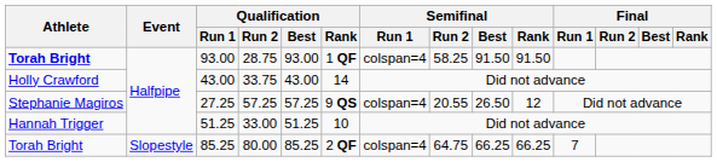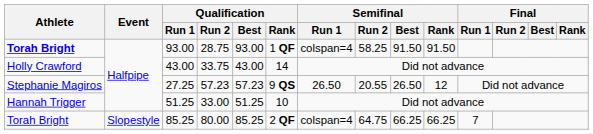 <table class="wikitable" style="font-size:90%">
 <tr>
 <th rowspan="2">Athlete</th>
 <th rowspan="2">Event</th>
 <th colspan="4">Qualification</th>
 <th colspan="4">Semifinal</th>
 <th colspan="4">Final</th>
 </tr>
 <tr style="font-size:95%">
 <th>Run 1</th>
 <th>Run 2</th>
 <th>Best</th>
 <th>Rank</th>
 <th>Run 1</th>
 <th>Run 2</th>
 <th>Best</th>
 <th>Rank</th>
 <th>Run 1</th>
 <th>Run 2</th>
 <th>Best</th>
 <th>Rank</th>
 </tr>
 <tr align=center>
 <td align=left><strong><a href='#'>Torah Bright</a></strong></td>
 <td align=left rowspan=4><a href='#'>Halfpipe</a></td>
 <td>93.00</td>
 <td>28.75</td>
 <td>93.00</td>
 <td>1 <strong>QF</strong></td>
 <td>colspan=4 </td>
 <td>58.25</td>
 <td>91.50</td>
 <td>91.50</td>
 <td></td>
 </tr>
 <tr align=center>
 <td align=left><a href='#'>Holly Crawford</a></td>
 <td>43.00</td>
 <td>33.75</td>
 <td>43.00</td>
 <td>14</td>
 <td colspan=8>Did not advance</td>
 </tr>
 <tr align=center>
 <td align=left><a href='#'>Stephanie Magiros</a></td>
 <td>27.25</td>
-<td>57.25</td>
-<td>57.25</td>
+<td>57.23</td>
+<td>57.23</td>
 <td>9 <strong>QS</strong></td>
-<td>colspan=4 </td>
+<td>26.50</td>
 <td>20.55</td>
 <td>26.50</td>
 <td>12</td>
 <td colspan=4>Did not advance</td>
 </tr>
 <tr align=center>
 <td align=left><a href='#'>Hannah Trigger</a></td>
 <td>51.25</td>
 <td>33.00</td>
 <td>51.25</td>
 <td>10</td>
 <td colspan=8>Did not advance</td>
 </tr>
 <tr align=center>
 <td align=left><a href='#'>Torah Bright</a></td>
 <td align=left><a href='#'>Slopestyle</a></td>
 <td>85.25</td>
 <td>80.00</td>
 <td>85.25</td>
 <td>2 <strong>QF</strong></td>
 <td>colspan=4 </td>
 <td>64.75</td>
 <td>66.25</td>
 <td>66.25</td>
 <td>7</td>
 </tr>
 </table>
